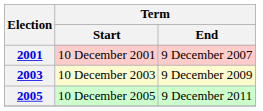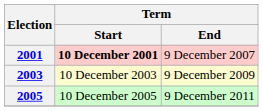 <table class="wikitable" style="text-align:center">
 <tr>
 <th rowspan="2">Election</th>
 <th colspan="2">Term</th>
 </tr>
 <tr>
 <th>Start</th>
 <th>End</th>
 </tr>
 <tr>
 <th><a href='#'>2001</a></th>
-<td bgcolor="#fcc">10 December 2001</td>
+<td bgcolor="#fcc"><strong>10 December 2001</strong></td>
 <td bgcolor="#fcc">9 December 2007</td>
 </tr>
 <tr>
 <th><a href='#'>2003</a></th>
 <td bgcolor="#fcfccf">10 December 2003</td>
 <td bgcolor="#fcfccf">9 December 2009</td>
 </tr>
 <tr>
 <th><a href='#'>2005</a></th>
 <td bgcolor="#cfc">10 December 2005</td>
 <td bgcolor="#cfc">9 December 2011</td>
 </tr>
 <tr>
 </tr>
 </table>
